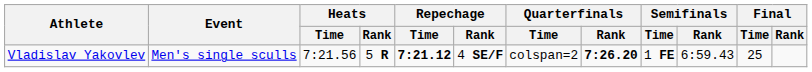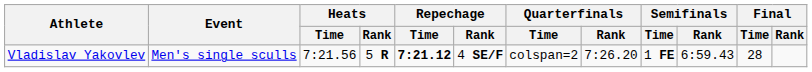 <table class=wikitable style=font-size:90%;text-align:center>
 <tr>
 <th rowspan=2>Athlete</th>
 <th rowspan=2>Event</th>
 <th colspan=2>Heats</th>
 <th colspan=2>Repechage</th>
 <th colspan=2>Quarterfinals</th>
 <th colspan=2>Semifinals</th>
 <th colspan=2>Final</th>
 </tr>
 <tr style=font-size:95%>
 <th>Time</th>
 <th>Rank</th>
 <th>Time</th>
 <th>Rank</th>
 <th>Time</th>
 <th>Rank</th>
 <th>Time</th>
 <th>Rank</th>
 <th>Time</th>
 <th>Rank</th>
 </tr>
 <tr>
 <td align=left><a href='#'>Vladislav Yakovlev</a></td>
 <td align=left><a href='#'>Men's single sculls</a></td>
 <td>7:21.56</td>
 <td>5 <strong>R</strong></td>
 <td><strong>7:21.12</strong></td>
 <td>4 <strong>SE/F</strong></td>
 <td>colspan=2 </td>
-<td><strong>7:26.20</strong></td>
+<td>7:26.20</td>
 <td>1 <strong>FE</strong></td>
 <td>6:59.43</td>
-<td>25</td>
+<td>28</td>
 </tr>
 </table>
